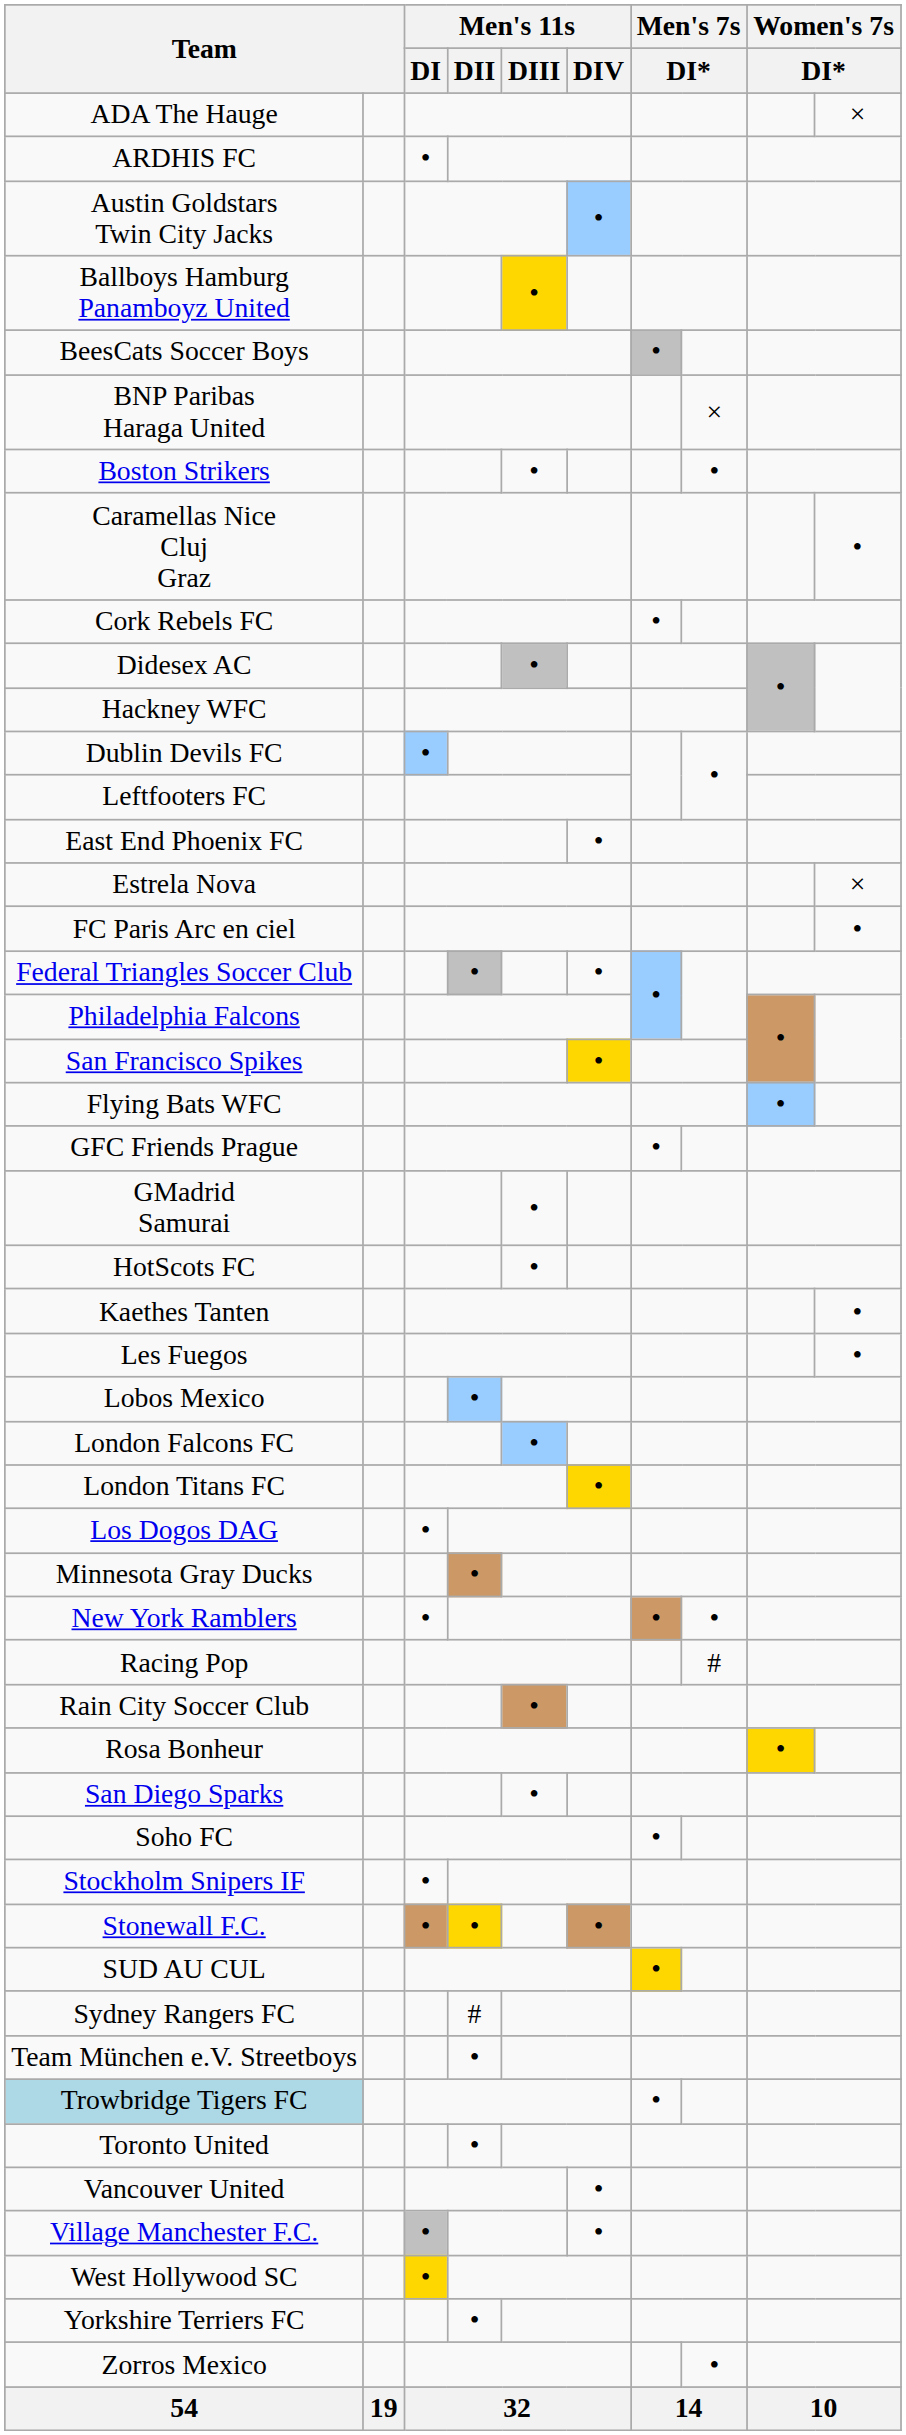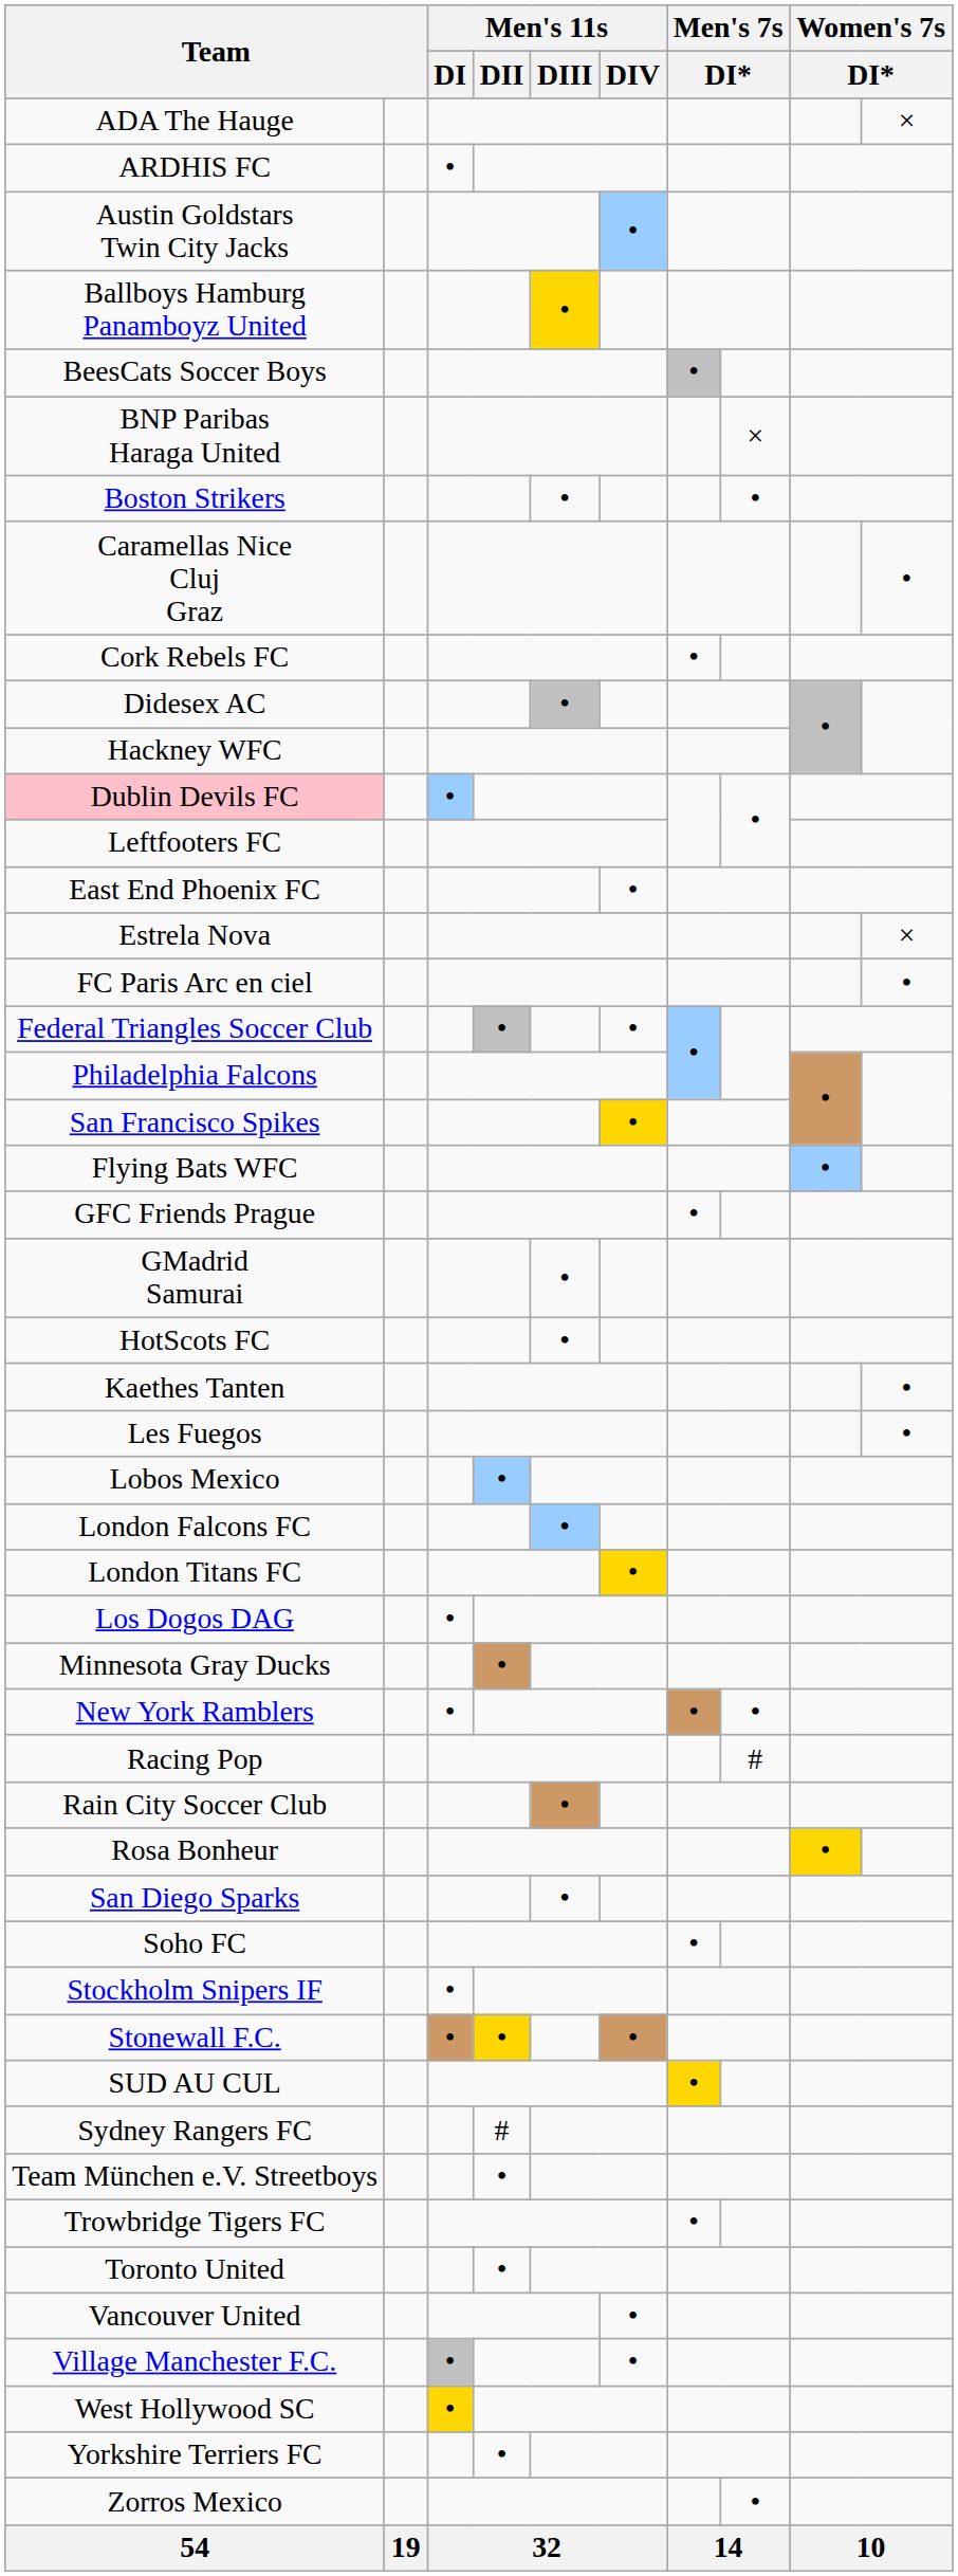 <table class="wikitable" style="text-align: center">
 <tr>
 <th colspan="2" rowspan="2">Team</th>
 <th colspan="4">Men's 11s</th>
 <th colspan="2">Men's 7s</th>
 <th colspan="2">Women's 7s</th>
 </tr>
 <tr>
 <th>DI</th>
 <th>DII</th>
 <th>DIII</th>
 <th>DIV</th>
 <th colspan="2">DI*</th>
 <th colspan="2">DI*</th>
 </tr>
 <tr>
 <td>ADA The Hauge</td>
 <td></td>
 <td colspan="4"></td>
 <td colspan="2"></td>
 <td></td>
 <td>×</td>
 </tr>
 <tr>
 <td>ARDHIS FC</td>
 <td></td>
 <td>•</td>
 <td colspan="3"></td>
 <td colspan="2"></td>
 <td colspan="2"></td>
 </tr>
 <tr>
 <td>Austin Goldstars<br>Twin City Jacks</td>
 <td><br></td>
 <td colspan="3"></td>
 <td bgcolor=#99ccff>•</td>
 <td colspan="2"></td>
 <td colspan="2"></td>
 </tr>
 <tr>
 <td>Ballboys Hamburg<br><a href='#'>Panamboyz United</a></td>
 <td><br></td>
 <td colspan="2"></td>
 <td bgcolor="gold">•</td>
 <td></td>
 <td colspan="2"></td>
 <td colspan="2"></td>
 </tr>
 <tr>
 <td>BeesCats Soccer Boys</td>
 <td></td>
 <td colspan="4"></td>
 <td bgcolor="silver">•</td>
 <td></td>
 <td colspan="2"></td>
 </tr>
 <tr>
 <td>BNP Paribas<br>Haraga United</td>
 <td><br></td>
 <td colspan="4"></td>
 <td></td>
 <td>×</td>
 <td colspan="2"></td>
 </tr>
 <tr>
 <td><a href='#'>Boston Strikers</a></td>
 <td></td>
 <td colspan="2"></td>
 <td>•</td>
 <td></td>
 <td></td>
 <td>•</td>
 <td colspan="2"></td>
 </tr>
 <tr>
 <td>Caramellas Nice<br>Cluj<br>Graz</td>
 <td><br><br></td>
 <td colspan="4"></td>
 <td colspan="2"></td>
 <td></td>
 <td>•</td>
 </tr>
 <tr>
 <td>Cork Rebels FC</td>
 <td></td>
 <td colspan="4"></td>
 <td>•</td>
 <td></td>
 <td colspan="2"></td>
 </tr>
 <tr>
 <td>Didesex AC</td>
 <td></td>
 <td colspan="2"></td>
 <td bgcolor="silver">•</td>
 <td></td>
 <td colspan="2"></td>
 <td rowspan="2" bgcolor="silver">•</td>
 <td rowspan="2"></td>
 </tr>
 <tr>
 <td>Hackney WFC</td>
 <td></td>
 <td colspan="4"></td>
 <td colspan="2"></td>
 </tr>
 <tr>
-<td>Dublin Devils FC</td>
+<td style="background: pink;">Dublin Devils FC</td>
 <td></td>
 <td bgcolor=#99ccff>•</td>
 <td colspan="3"></td>
 <td rowspan="2"></td>
 <td rowspan="2">•</td>
 <td colspan="2"></td>
 </tr>
 <tr>
 <td>Leftfooters FC</td>
 <td></td>
 <td colspan="4"></td>
 <td colspan="2"></td>
 </tr>
 <tr>
 <td>East End Phoenix FC</td>
 <td></td>
 <td colspan="3"></td>
 <td>•</td>
 <td colspan="2"></td>
 <td colspan="2"></td>
 </tr>
 <tr>
 <td>Estrela Nova</td>
 <td></td>
 <td colspan="4"></td>
 <td colspan="2"></td>
 <td></td>
 <td>×</td>
 </tr>
 <tr>
 <td>FC Paris Arc en ciel</td>
 <td></td>
 <td colspan="4"></td>
 <td colspan="2"></td>
 <td></td>
 <td>•</td>
 </tr>
 <tr>
 <td><a href='#'>Federal Triangles Soccer Club</a></td>
 <td></td>
 <td></td>
 <td bgcolor="silver">•</td>
 <td></td>
 <td>•</td>
 <td rowspan="2" bgcolor=#99ccff>•</td>
 <td rowspan="2"></td>
 <td colspan="2"></td>
 </tr>
 <tr>
 <td><a href='#'>Philadelphia Falcons</a></td>
 <td></td>
 <td colspan="4"></td>
 <td rowspan="2" bgcolor=#cc9966>•</td>
 <td rowspan="2"></td>
 </tr>
 <tr>
 <td><a href='#'>San Francisco Spikes</a></td>
 <td></td>
 <td colspan="3"></td>
 <td bgcolor="gold">•</td>
 <td colspan="2"></td>
 </tr>
 <tr>
 <td>Flying Bats WFC</td>
 <td></td>
 <td colspan="4"></td>
 <td colspan="2"></td>
 <td bgcolor=#99ccff>•</td>
 <td></td>
 </tr>
 <tr>
 <td>GFC Friends Prague</td>
 <td></td>
 <td colspan="4"></td>
 <td>•</td>
 <td></td>
 <td colspan="2"></td>
 </tr>
 <tr>
 <td>GMadrid<br>Samurai</td>
 <td><br></td>
 <td colspan="2"></td>
 <td>•</td>
 <td></td>
 <td colspan="2"></td>
 <td colspan="2"></td>
 </tr>
 <tr>
 <td>HotScots FC</td>
 <td></td>
 <td colspan="2"></td>
 <td>•</td>
 <td></td>
 <td colspan="2"></td>
 <td colspan="2"></td>
 </tr>
 <tr>
 <td>Kaethes Tanten</td>
 <td></td>
 <td colspan="4"></td>
 <td colspan="2"></td>
 <td></td>
 <td>•</td>
 </tr>
 <tr>
 <td>Les Fuegos</td>
 <td></td>
 <td colspan="4"></td>
 <td colspan="2"></td>
 <td></td>
 <td>•</td>
 </tr>
 <tr>
 <td>Lobos Mexico</td>
 <td></td>
 <td></td>
 <td bgcolor=#99ccff>•</td>
 <td colspan="2"></td>
 <td colspan="2"></td>
 <td colspan="2"></td>
 </tr>
 <tr>
 <td>London Falcons FC</td>
 <td></td>
 <td colspan="2"></td>
 <td bgcolor=#99ccff>•</td>
 <td></td>
 <td colspan="2"></td>
 <td colspan="2"></td>
 </tr>
 <tr>
 <td>London Titans FC</td>
 <td></td>
 <td colspan="3"></td>
 <td bgcolor="gold">•</td>
 <td colspan="2"></td>
 <td colspan="2"></td>
 </tr>
 <tr>
 <td><a href='#'>Los Dogos DAG</a></td>
 <td></td>
 <td>•</td>
 <td colspan="3"></td>
 <td colspan="2"></td>
 <td colspan="2"></td>
 </tr>
 <tr>
 <td>Minnesota Gray Ducks</td>
 <td></td>
 <td></td>
 <td bgcolor=#cc9966>•</td>
 <td colspan="2"></td>
 <td colspan="2"></td>
 <td colspan="2"></td>
 </tr>
 <tr>
 <td><a href='#'>New York Ramblers</a></td>
 <td></td>
 <td>•</td>
 <td colspan="3"></td>
 <td bgcolor=#cc9966>•</td>
 <td>•</td>
 <td colspan="2"></td>
 </tr>
 <tr>
 <td>Racing Pop</td>
 <td></td>
 <td colspan="4"></td>
 <td></td>
 <td>#</td>
 <td colspan="2"></td>
 </tr>
 <tr>
 <td>Rain City Soccer Club</td>
 <td></td>
 <td colspan="2"></td>
 <td bgcolor=#cc9966>•</td>
 <td></td>
 <td colspan="2"></td>
 <td colspan="2"></td>
 </tr>
 <tr>
 <td>Rosa Bonheur</td>
 <td></td>
 <td colspan="4"></td>
 <td colspan="2"></td>
 <td bgcolor="gold">•</td>
 <td></td>
 </tr>
 <tr>
 <td><a href='#'>San Diego Sparks</a></td>
 <td></td>
 <td colspan="2"></td>
 <td>•</td>
 <td></td>
 <td colspan="2"></td>
 <td colspan="2"></td>
 </tr>
 <tr>
 <td>Soho FC</td>
 <td></td>
 <td colspan="4"></td>
 <td>•</td>
 <td></td>
 <td colspan="2"></td>
 </tr>
 <tr>
 <td><a href='#'>Stockholm Snipers IF</a></td>
 <td></td>
 <td>•</td>
 <td colspan="3"></td>
 <td colspan="2"></td>
 <td colspan="2"></td>
 </tr>
 <tr>
 <td><a href='#'>Stonewall F.C.</a></td>
 <td></td>
 <td bgcolor=#cc9966>•</td>
 <td bgcolor="gold">•</td>
 <td></td>
 <td bgcolor=#cc9966>•</td>
 <td colspan="2"></td>
 <td colspan="2"></td>
 </tr>
 <tr>
 <td>SUD AU CUL</td>
 <td></td>
 <td colspan="4"></td>
 <td bgcolor="gold">•</td>
 <td></td>
 <td colspan="2"></td>
 </tr>
 <tr>
 <td>Sydney Rangers FC</td>
 <td></td>
 <td></td>
 <td>#</td>
 <td colspan="2"></td>
 <td colspan="2"></td>
 <td colspan="2"></td>
 </tr>
 <tr>
 <td>Team München e.V. Streetboys</td>
 <td></td>
 <td></td>
 <td>•</td>
 <td colspan="2"></td>
 <td colspan="2"></td>
 <td colspan="2"></td>
 </tr>
 <tr>
-<td style="background: lightblue;">Trowbridge Tigers FC</td>
+<td>Trowbridge Tigers FC</td>
 <td></td>
 <td colspan="4"></td>
 <td>•</td>
 <td></td>
 <td colspan="2"></td>
 </tr>
 <tr>
 <td>Toronto United</td>
 <td></td>
 <td></td>
 <td>•</td>
 <td colspan="2"></td>
 <td colspan="2"></td>
 <td colspan="2"></td>
 </tr>
 <tr>
 <td>Vancouver United</td>
 <td></td>
 <td colspan="3"></td>
 <td>•</td>
 <td colspan="2"></td>
 <td colspan="2"></td>
 </tr>
 <tr>
 <td><a href='#'>Village Manchester F.C.</a></td>
 <td></td>
 <td bgcolor="silver">•</td>
 <td colspan="2"></td>
 <td>•</td>
 <td colspan="2"></td>
 <td colspan="2"></td>
 </tr>
 <tr>
 <td>West Hollywood SC</td>
 <td></td>
 <td bgcolor="gold">•</td>
 <td colspan="3"></td>
 <td colspan="2"></td>
 <td colspan="2"></td>
 </tr>
 <tr>
 <td>Yorkshire Terriers FC</td>
 <td></td>
 <td></td>
 <td>•</td>
 <td colspan="2"></td>
 <td colspan="2"></td>
 <td colspan="2"></td>
 </tr>
 <tr>
 <td>Zorros Mexico</td>
 <td></td>
 <td colspan="4"></td>
 <td></td>
 <td>•</td>
 <td colspan="2"></td>
 </tr>
 <tr>
 <th>54</th>
 <th>19</th>
 <th colspan="4">32</th>
 <th colspan="2">14</th>
 <th colspan="2">10</th>
 </tr>
 </table>
